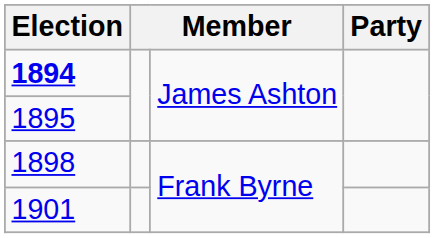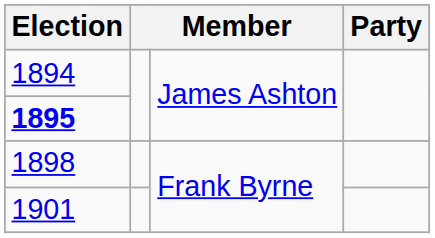 <table class="wikitable">
 <tr>
 <th>Election</th>
 <th colspan="2">Member</th>
 <th>Party</th>
 </tr>
 <tr>
-<td><strong><a href='#'>1894</a></strong></td>
+<td><a href='#'>1894</a></td>
 <td rowspan="2" > </td>
 <td rowspan="2"><a href='#'>James Ashton</a></td>
 <td rowspan="2"></td>
 </tr>
 <tr>
-<td><a href='#'>1895</a></td>
+<td><strong><a href='#'>1895</a></strong></td>
 </tr>
 <tr>
 <td><a href='#'>1898</a></td>
 <td> </td>
 <td rowspan="2"><a href='#'>Frank Byrne</a></td>
 <td></td>
 </tr>
 <tr>
 <td><a href='#'>1901</a></td>
 <td> </td>
 <td></td>
 </tr>
 </table>
